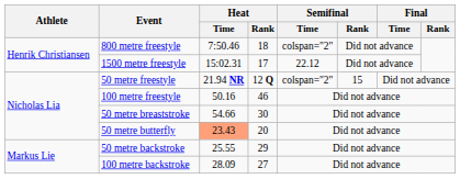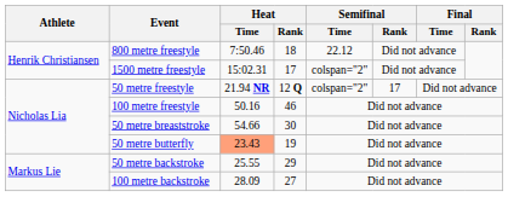 <table class="wikitable" style="text-align:center; font-size:90%; width:50%;">
 <tr>
 <th rowspan="2">Athlete</th>
 <th rowspan="2">Event</th>
 <th colspan="2">Heat</th>
 <th colspan="2">Semifinal</th>
 <th colspan="2">Final</th>
 </tr>
 <tr style="font-size:95%">
 <th>Time</th>
 <th>Rank</th>
 <th>Time</th>
 <th>Rank</th>
 <th>Time</th>
 <th>Rank</th>
 </tr>
 <tr>
 <td align=left rowspan=2><a href='#'>Henrik Christiansen</a></td>
 <td align=left><a href='#'>800 metre freestyle</a></td>
 <td>7:50.46</td>
 <td>18</td>
-<td>colspan="2" </td>
+<td>22.12</td>
 <td colspan="2">Did not advance</td>
 </tr>
 <tr>
 <td align=left><a href='#'>1500 metre freestyle</a></td>
 <td>15:02.31</td>
 <td>17</td>
-<td>22.12</td>
+<td>colspan="2" </td>
 <td colspan="2">Did not advance</td>
 </tr>
 <tr>
 <td align=left rowspan=4><a href='#'>Nicholas Lia</a></td>
 <td align=left><a href='#'>50 metre freestyle</a></td>
 <td>21.94 <strong><a href='#'>NR</a></strong></td>
 <td>12 <strong>Q</strong></td>
 <td>colspan="2" </td>
-<td>15</td>
+<td>17</td>
 <td colspan=2>Did not advance</td>
 </tr>
 <tr>
 <td align=left><a href='#'>100 metre freestyle</a></td>
 <td>50.16</td>
 <td>46</td>
 <td colspan=4>Did not advance</td>
 </tr>
 <tr>
 <td align=left><a href='#'>50 metre breaststroke</a></td>
 <td>54.66</td>
 <td>30</td>
 <td colspan=4>Did not advance</td>
 </tr>
 <tr>
 <td align=left><a href='#'>50 metre butterfly</a></td>
 <td style="background: lightsalmon;">23.43</td>
-<td>20</td>
+<td>19</td>
 <td colspan=4>Did not advance</td>
 </tr>
 <tr>
 <td align=left rowspan=2><a href='#'>Markus Lie</a></td>
 <td align=left><a href='#'>50 metre backstroke</a></td>
 <td>25.55</td>
 <td>29</td>
 <td colspan=4>Did not advance</td>
 </tr>
 <tr>
 <td align=left><a href='#'>100 metre backstroke</a></td>
 <td>28.09</td>
 <td>27</td>
 <td colspan=4>Did not advance</td>
 </tr>
 </table>
